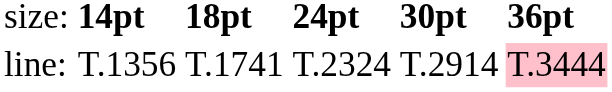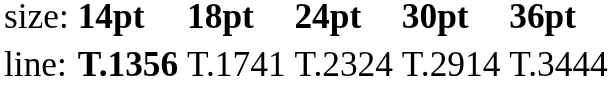 <table style="margin-left:40px;">
 <tr>
 <td>size:</td>
 <td><strong>14pt</strong></td>
 <td><strong>18pt</strong></td>
 <td><strong>24pt</strong></td>
 <td><strong>30pt</strong></td>
 <td><strong>36pt</strong></td>
 </tr>
 <tr>
 <td>line:</td>
-<td>T.1356</td>
+<td><strong>T.1356</strong></td>
 <td>T.1741</td>
 <td>T.2324</td>
 <td>T.2914</td>
-<td style="background: pink;">T.3444</td>
+<td>T.3444</td>
 </tr>
 </table>
